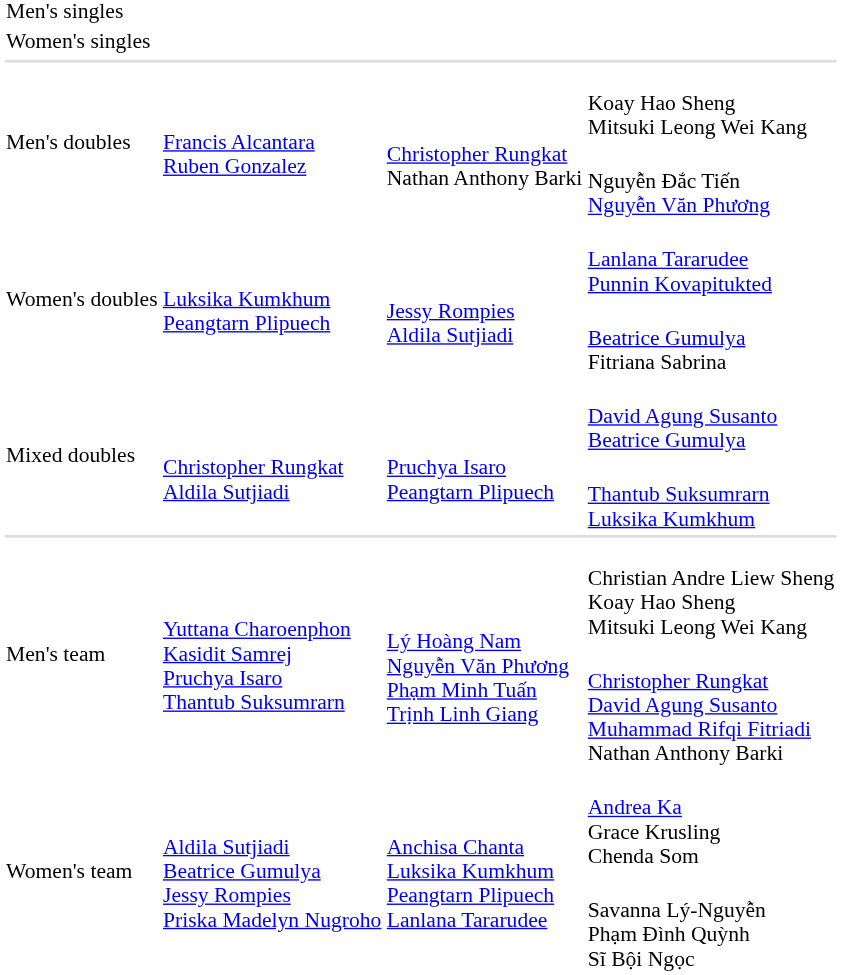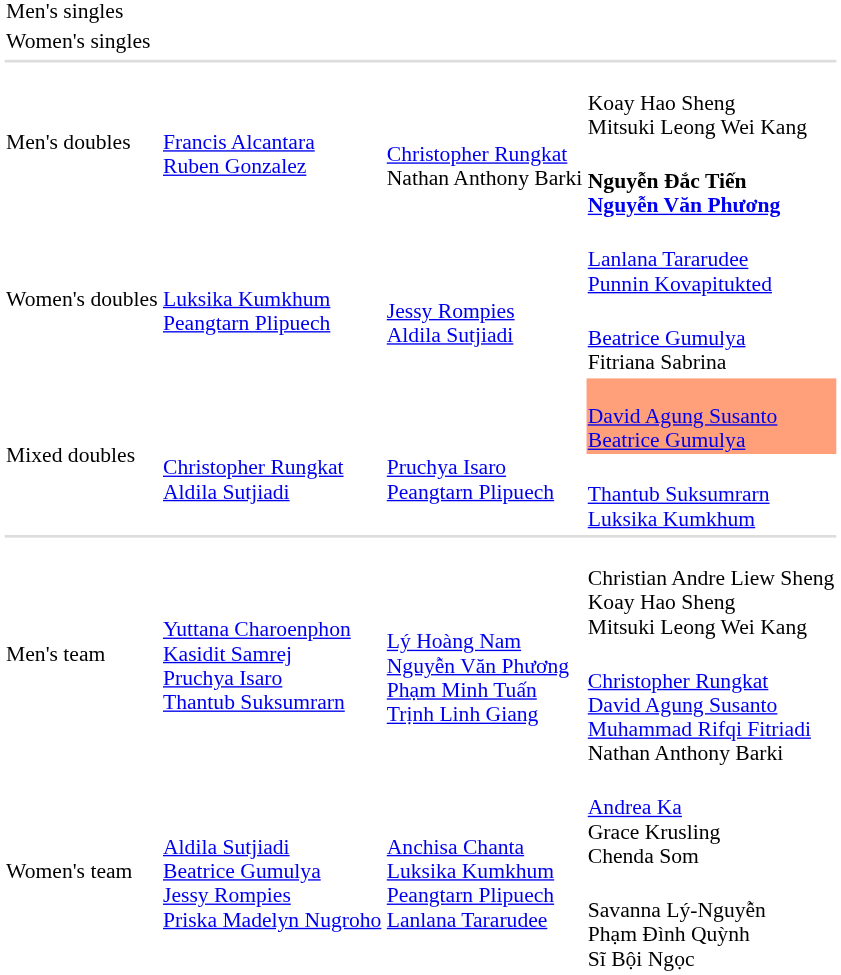 <table>
 <tr>
 <td rowspan=2>Men's singles</td>
 <td rowspan=2></td>
 <td rowspan=2></td>
 <td></td>
 </tr>
 <tr>
 <td></td>
 </tr>
 <tr>
 <td rowspan=2>Women's singles</td>
 <td rowspan=2></td>
 <td rowspan=2></td>
 <td></td>
 </tr>
 <tr>
 <td></td>
 </tr>
 <tr>
 </tr>
 <tr bgcolor=#dddddd>
 <td colspan=4></td>
 </tr>
 <tr>
 <td rowspan=2>Men's doubles</td>
 <td rowspan=2><br><a href='#'>Francis Alcantara</a><br><a href='#'>Ruben Gonzalez</a></td>
 <td rowspan=2><br><br><a href='#'>Christopher Rungkat</a><br>Nathan Anthony Barki</td>
 <td><br>Koay Hao Sheng<br>Mitsuki Leong Wei Kang</td>
 </tr>
 <tr>
-<td><br>Nguyễn Đắc Tiến<br><a href='#'>Nguyễn Văn Phương</a></td>
+<td><strong><br>Nguyễn Đắc Tiến<br><a href='#'>Nguyễn Văn Phương</a></strong></td>
 </tr>
 <tr>
 <td rowspan=2>Women's doubles</td>
 <td rowspan=2><br><a href='#'>Luksika Kumkhum</a><br><a href='#'>Peangtarn Plipuech</a></td>
 <td rowspan=2><br><br><a href='#'>Jessy Rompies</a><br><a href='#'>Aldila Sutjiadi</a></td>
 <td><br><a href='#'>Lanlana Tararudee</a><br><a href='#'>Punnin Kovapitukted</a></td>
 </tr>
 <tr>
 <td><br><a href='#'>Beatrice Gumulya</a><br>Fitriana Sabrina</td>
 </tr>
 <tr>
 <td rowspan=2>Mixed doubles</td>
 <td rowspan=2><br><br><a href='#'>Christopher Rungkat</a><br><a href='#'>Aldila Sutjiadi</a></td>
 <td rowspan=2><br><br><a href='#'>Pruchya Isaro</a><br><a href='#'>Peangtarn Plipuech</a></td>
-<td><br><a href='#'>David Agung Susanto</a><br><a href='#'>Beatrice Gumulya</a></td>
+<td style="background: lightsalmon;"><br><a href='#'>David Agung Susanto</a><br><a href='#'>Beatrice Gumulya</a></td>
 </tr>
 <tr>
 <td><br><a href='#'>Thantub Suksumrarn</a><br><a href='#'>Luksika Kumkhum</a></td>
 </tr>
 <tr style="background:#dddddd;">
 <td colspan=7></td>
 </tr>
 <tr>
 <td rowspan=2>Men's team</td>
 <td rowspan=2><br><a href='#'>Yuttana Charoenphon</a><br><a href='#'>Kasidit Samrej</a><br><a href='#'>Pruchya Isaro</a><br><a href='#'>Thantub Suksumrarn</a></td>
 <td rowspan=2><br><br><a href='#'>Lý Hoàng Nam</a><br><a href='#'>Nguyễn Văn Phương</a><br><a href='#'>Phạm Minh Tuấn</a><br><a href='#'>Trịnh Linh Giang</a></td>
 <td><br>Christian Andre Liew Sheng<br>Koay Hao Sheng<br>Mitsuki Leong Wei Kang</td>
 </tr>
 <tr>
 <td><br><a href='#'>Christopher Rungkat</a><br><a href='#'>David Agung Susanto</a><br><a href='#'>Muhammad Rifqi Fitriadi</a><br>Nathan Anthony Barki</td>
 </tr>
 <tr>
 <td rowspan=2>Women's team</td>
 <td rowspan=2><br><a href='#'>Aldila Sutjiadi</a><br><a href='#'>Beatrice Gumulya</a><br><a href='#'>Jessy Rompies</a><br><a href='#'>Priska Madelyn Nugroho</a></td>
 <td rowspan=2><br><a href='#'>Anchisa Chanta</a><br><a href='#'>Luksika Kumkhum</a><br><a href='#'>Peangtarn Plipuech</a><br><a href='#'>Lanlana Tararudee</a></td>
 <td><br><a href='#'>Andrea Ka</a><br>Grace Krusling<br>Chenda Som</td>
 </tr>
 <tr>
 <td><br>Savanna Lý-Nguyễn<br>Phạm Đình Quỳnh<br>Sĩ Bội Ngọc</td>
 </tr>
 </table>
